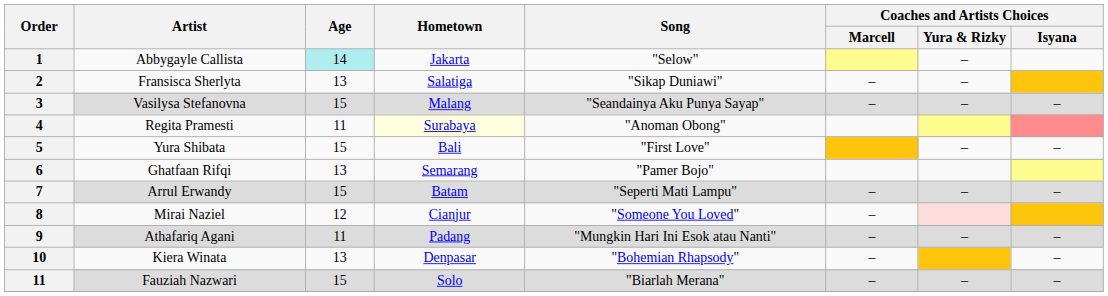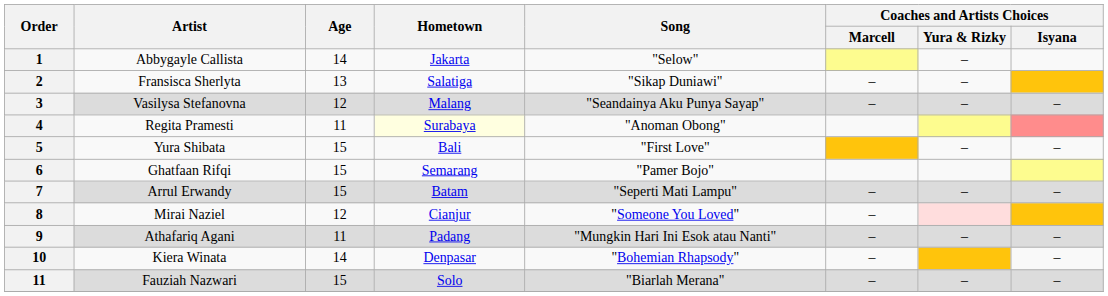 <table class="wikitable" style="text-align:center; width:100%;">
 <tr>
 <th rowspan="2" scope="col" style="width:06%;">Order</th>
 <th rowspan="2" scope="col" style="width:20%;">Artist</th>
 <th rowspan="2" scope="col" style="width:06%;">Age</th>
 <th rowspan="2" scope="col" style="width:13%;">Hometown</th>
 <th rowspan="2" scope="col" style="width:26%;">Song</th>
 <th colspan="3" scope="col" style="width:40%;">Coaches and Artists Choices</th>
 </tr>
 <tr>
 <th style="width:08%;">Marcell</th>
 <th style="width:08%;">Yura & Rizky</th>
 <th style="width:08%;">Isyana</th>
 </tr>
 <tr>
 <th>1</th>
 <td>Abbygayle Callista</td>
-<td style="background: paleturquoise;">14</td>
+<td>14</td>
 <td><a href='#'>Jakarta</a></td>
 <td>"Selow"</td>
 <td style="background:#fdfc8f;"><strong></strong></td>
 <td>–</td>
 <td><strong></strong></td>
 </tr>
 <tr>
 <th>2</th>
 <td>Fransisca Sherlyta</td>
 <td>13</td>
 <td><a href='#'>Salatiga</a></td>
 <td>"Sikap Duniawi"</td>
 <td>–</td>
 <td>–</td>
 <td style="background:#ffc40c"><strong></strong></td>
 </tr>
 <tr style="background:#DCDCDC;">
 <th>3</th>
 <td>Vasilysa Stefanovna</td>
-<td>15</td>
+<td>12</td>
 <td><a href='#'>Malang</a></td>
 <td>"Seandainya Aku Punya Sayap"</td>
 <td>–</td>
 <td>–</td>
 <td>–</td>
 </tr>
 <tr>
 <th>4</th>
 <td>Regita Pramesti</td>
 <td>11</td>
 <td style="background: lightyellow;"><a href='#'>Surabaya</a></td>
 <td>"Anoman Obong"</td>
 <td><strong></strong></td>
 <td style="background:#fdfc8f;"><strong></strong></td>
 <td bgcolor="#FF8C8C"> <strong></strong></td>
 </tr>
 <tr>
 <th>5</th>
 <td>Yura Shibata</td>
 <td>15</td>
 <td><a href='#'>Bali</a></td>
 <td>"First Love"</td>
 <td style="background:#ffc40c"><strong></strong></td>
 <td>–</td>
 <td>–</td>
 </tr>
 <tr>
 <th>6</th>
 <td>Ghatfaan Rifqi</td>
-<td>13</td>
+<td>15</td>
 <td><a href='#'>Semarang</a></td>
 <td>"Pamer Bojo"</td>
 <td><strong></strong></td>
 <td><strong></strong></td>
 <td style="background:#fdfc8f;"><strong></strong></td>
 </tr>
 <tr style="background:#DCDCDC;">
 <th>7</th>
 <td>Arrul Erwandy</td>
 <td>15</td>
 <td><a href='#'>Batam</a></td>
 <td>"Seperti Mati Lampu"</td>
 <td>–</td>
 <td>–</td>
 <td>–</td>
 </tr>
 <tr>
 <th>8</th>
 <td>Mirai Naziel</td>
 <td>12</td>
 <td><a href='#'>Cianjur</a></td>
 <td>"<a href='#'>Someone You Loved</a>"</td>
 <td>–</td>
 <td style="background:#ffdddd;"> <strong></strong></td>
 <td style="background:#ffc40c"><strong></strong></td>
 </tr>
 <tr style="background:#DCDCDC;">
 <th>9</th>
 <td>Athafariq Agani</td>
 <td>11</td>
 <td><a href='#'>Padang</a></td>
 <td>"Mungkin Hari Ini Esok atau Nanti"</td>
 <td>–</td>
 <td>–</td>
 <td>–</td>
 </tr>
 <tr>
 <th>10</th>
 <td>Kiera Winata</td>
-<td>13</td>
+<td>14</td>
 <td><a href='#'>Denpasar</a></td>
 <td>"<a href='#'>Bohemian Rhapsody</a>"</td>
 <td>–</td>
 <td style="background:#ffc40c"><strong></strong></td>
 <td>–</td>
 </tr>
 <tr style="background:#DCDCDC;">
 <th>11</th>
 <td>Fauziah Nazwari</td>
 <td>15</td>
 <td><a href='#'>Solo</a></td>
 <td>"Biarlah Merana"</td>
 <td>–</td>
 <td>–</td>
 <td>–</td>
 </tr>
 <tr>
 </tr>
 </table>
